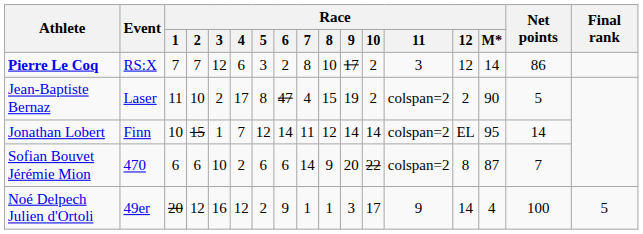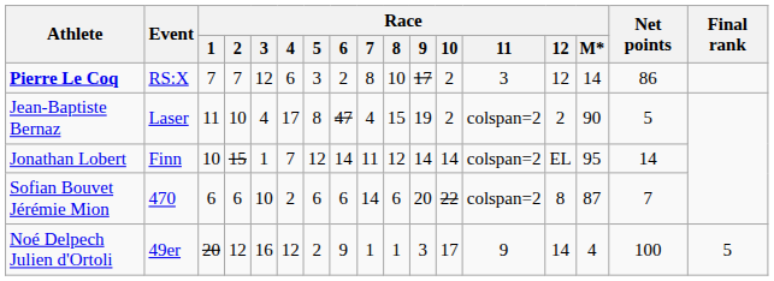 <table class="wikitable" style="font-size:90%">
 <tr>
 <th rowspan="2">Athlete</th>
 <th rowspan="2">Event</th>
 <th colspan=13>Race</th>
 <th rowspan=2>Net points</th>
 <th rowspan=2>Final rank</th>
 </tr>
 <tr style="font-size:95%">
 <th>1</th>
 <th>2</th>
 <th>3</th>
 <th>4</th>
 <th>5</th>
 <th>6</th>
 <th>7</th>
 <th>8</th>
 <th>9</th>
 <th>10</th>
 <th>11</th>
 <th>12</th>
 <th>M*</th>
 </tr>
 <tr align=center>
 <td align=left><strong><a href='#'>Pierre Le Coq</a></strong></td>
 <td align=left><a href='#'>RS:X</a></td>
 <td>7</td>
 <td>7</td>
 <td>12</td>
 <td>6</td>
 <td>3</td>
 <td>2</td>
 <td>8</td>
 <td>10</td>
 <td><s>17</s></td>
 <td>2</td>
 <td>3</td>
 <td>12</td>
 <td>14</td>
 <td>86</td>
 <td></td>
 </tr>
 <tr align=center>
 <td align=left><a href='#'>Jean-Baptiste Bernaz</a></td>
 <td align=left><a href='#'>Laser</a></td>
 <td>11</td>
 <td>10</td>
-<td>2</td>
+<td>4</td>
 <td>17</td>
 <td>8</td>
 <td><s>47</s></td>
 <td>4</td>
 <td>15</td>
 <td>19</td>
 <td>2</td>
 <td>colspan=2 </td>
 <td>2</td>
 <td>90</td>
 <td>5</td>
 </tr>
 <tr align=center>
 <td align=left><a href='#'>Jonathan Lobert</a></td>
 <td align=left><a href='#'>Finn</a></td>
 <td>10</td>
 <td><s>15</s></td>
 <td>1</td>
 <td>7</td>
 <td>12</td>
 <td>14</td>
 <td>11</td>
 <td>12</td>
 <td>14</td>
 <td>14</td>
 <td>colspan=2 </td>
 <td>EL</td>
 <td>95</td>
 <td>14</td>
 </tr>
 <tr align=center>
 <td align=left><a href='#'>Sofian Bouvet</a><br><a href='#'>Jérémie Mion</a></td>
 <td align=left><a href='#'>470</a></td>
 <td>6</td>
 <td>6</td>
 <td>10</td>
 <td>2</td>
 <td>6</td>
 <td>6</td>
 <td>14</td>
-<td>9</td>
+<td>6</td>
 <td>20</td>
 <td><s>22</s></td>
 <td>colspan=2 </td>
 <td>8</td>
 <td>87</td>
 <td>7</td>
 </tr>
 <tr align=center>
 <td align=left><a href='#'>Noé Delpech</a><br><a href='#'>Julien d'Ortoli</a></td>
 <td align=left><a href='#'>49er</a></td>
 <td><s>20</s></td>
 <td>12</td>
 <td>16</td>
 <td>12</td>
 <td>2</td>
 <td>9</td>
 <td>1</td>
 <td>1</td>
 <td>3</td>
 <td>17</td>
 <td>9</td>
 <td>14</td>
 <td>4</td>
 <td>100</td>
 <td>5</td>
 </tr>
 </table>
